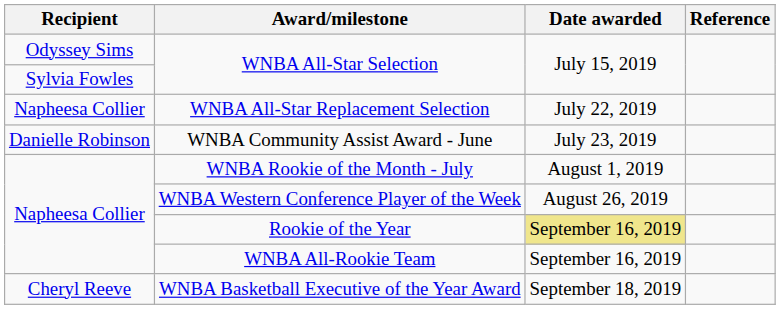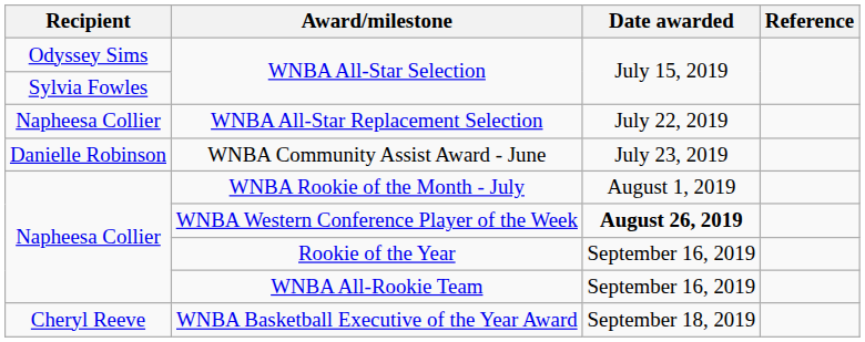 <table class="wikitable sortable sortable" style="text-align: center">
 <tr>
 <th>Recipient</th>
 <th>Award/milestone</th>
 <th>Date awarded</th>
 <th>Reference</th>
 </tr>
 <tr>
 <td><a href='#'>Odyssey Sims</a></td>
 <td rowspan=2><a href='#'>WNBA All-Star Selection</a></td>
 <td rowspan=2>July 15, 2019</td>
 <td rowspan=2></td>
 </tr>
 <tr>
 <td><a href='#'>Sylvia Fowles</a></td>
 </tr>
 <tr>
 <td><a href='#'>Napheesa Collier</a></td>
 <td><a href='#'>WNBA All-Star Replacement Selection</a></td>
 <td>July 22, 2019</td>
 <td></td>
 </tr>
 <tr>
 <td><a href='#'>Danielle Robinson</a></td>
 <td>WNBA Community Assist Award - June</td>
 <td>July 23, 2019</td>
 <td></td>
 </tr>
 <tr>
 <td rowspan=4><a href='#'>Napheesa Collier</a></td>
 <td><a href='#'>WNBA Rookie of the Month - July</a></td>
 <td>August 1, 2019</td>
 <td></td>
 </tr>
 <tr>
 <td><a href='#'>WNBA Western Conference Player of the Week</a></td>
-<td>August 26, 2019</td>
+<td><strong>August 26, 2019</strong></td>
 <td></td>
 </tr>
 <tr>
 <td><a href='#'>Rookie of the Year</a></td>
-<td style="background: khaki;">September 16, 2019</td>
+<td>September 16, 2019</td>
 <td></td>
 </tr>
 <tr>
 <td><a href='#'>WNBA All-Rookie Team</a></td>
 <td>September 16, 2019</td>
 <td></td>
 </tr>
 <tr>
 <td><a href='#'>Cheryl Reeve</a></td>
 <td><a href='#'>WNBA Basketball Executive of the Year Award</a></td>
 <td>September 18, 2019</td>
 <td></td>
 </tr>
 </table>
